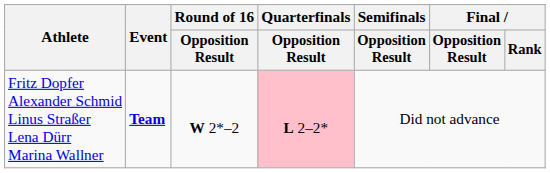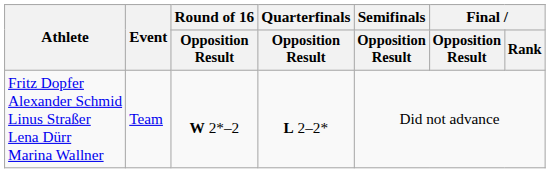 <table class="wikitable" style="font-size:90%">
 <tr>
 <th rowspan="2">Athlete</th>
 <th rowspan="2">Event</th>
 <th>Round of 16</th>
 <th>Quarterfinals</th>
 <th>Semifinals</th>
 <th colspan=2>Final / </th>
 </tr>
 <tr style="font-size:95%">
 <th>Opposition<br>Result</th>
 <th>Opposition<br>Result</th>
 <th>Opposition<br>Result</th>
 <th>Opposition<br>Result</th>
 <th>Rank</th>
 </tr>
 <tr align=center>
 <td align=left><a href='#'>Fritz Dopfer</a><br><a href='#'>Alexander Schmid</a><br><a href='#'>Linus Straßer</a><br><a href='#'>Lena Dürr</a><br><a href='#'>Marina Wallner</a></td>
-<td align=left><strong><a href='#'>Team</a></strong></td>
+<td align=left><a href='#'>Team</a></td>
 <td><br><strong>W</strong> 2*–2</td>
-<td style="background: pink;"><br><strong>L</strong> 2–2*</td>
+<td><br><strong>L</strong> 2–2*</td>
 <td colspan=3>Did not advance</td>
 </tr>
 </table>
